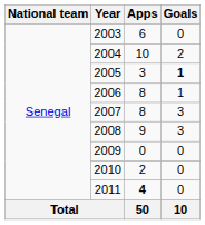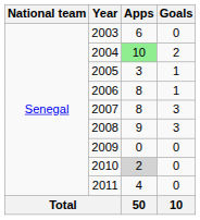 <table class="wikitable" style="text-align: center;">
 <tr>
 <th>National team</th>
 <th>Year</th>
 <th>Apps</th>
 <th>Goals</th>
 </tr>
 <tr>
 <td rowspan="9"><a href='#'>Senegal</a></td>
 <td>2003</td>
 <td>6</td>
 <td>0</td>
 </tr>
 <tr>
 <td>2004</td>
-<td>10</td>
+<td style="background: lightgreen;">10</td>
 <td>2</td>
 </tr>
 <tr>
 <td>2005</td>
 <td>3</td>
-<td><strong>1</strong></td>
+<td>1</td>
 </tr>
 <tr>
 <td>2006</td>
 <td>8</td>
 <td>1</td>
 </tr>
 <tr>
 <td>2007</td>
 <td>8</td>
 <td>3</td>
 </tr>
 <tr>
 <td>2008</td>
 <td>9</td>
 <td>3</td>
 </tr>
 <tr>
 <td>2009</td>
 <td>0</td>
 <td>0</td>
 </tr>
 <tr>
 <td>2010</td>
-<td>2</td>
+<td style="background: lightgrey;">2</td>
 <td>0</td>
 </tr>
 <tr>
 <td>2011</td>
-<td><strong>4</strong></td>
+<td>4</td>
 <td>0</td>
 </tr>
 <tr>
 <th colspan="2">Total</th>
 <th>50</th>
 <th>10</th>
 </tr>
 </table>
